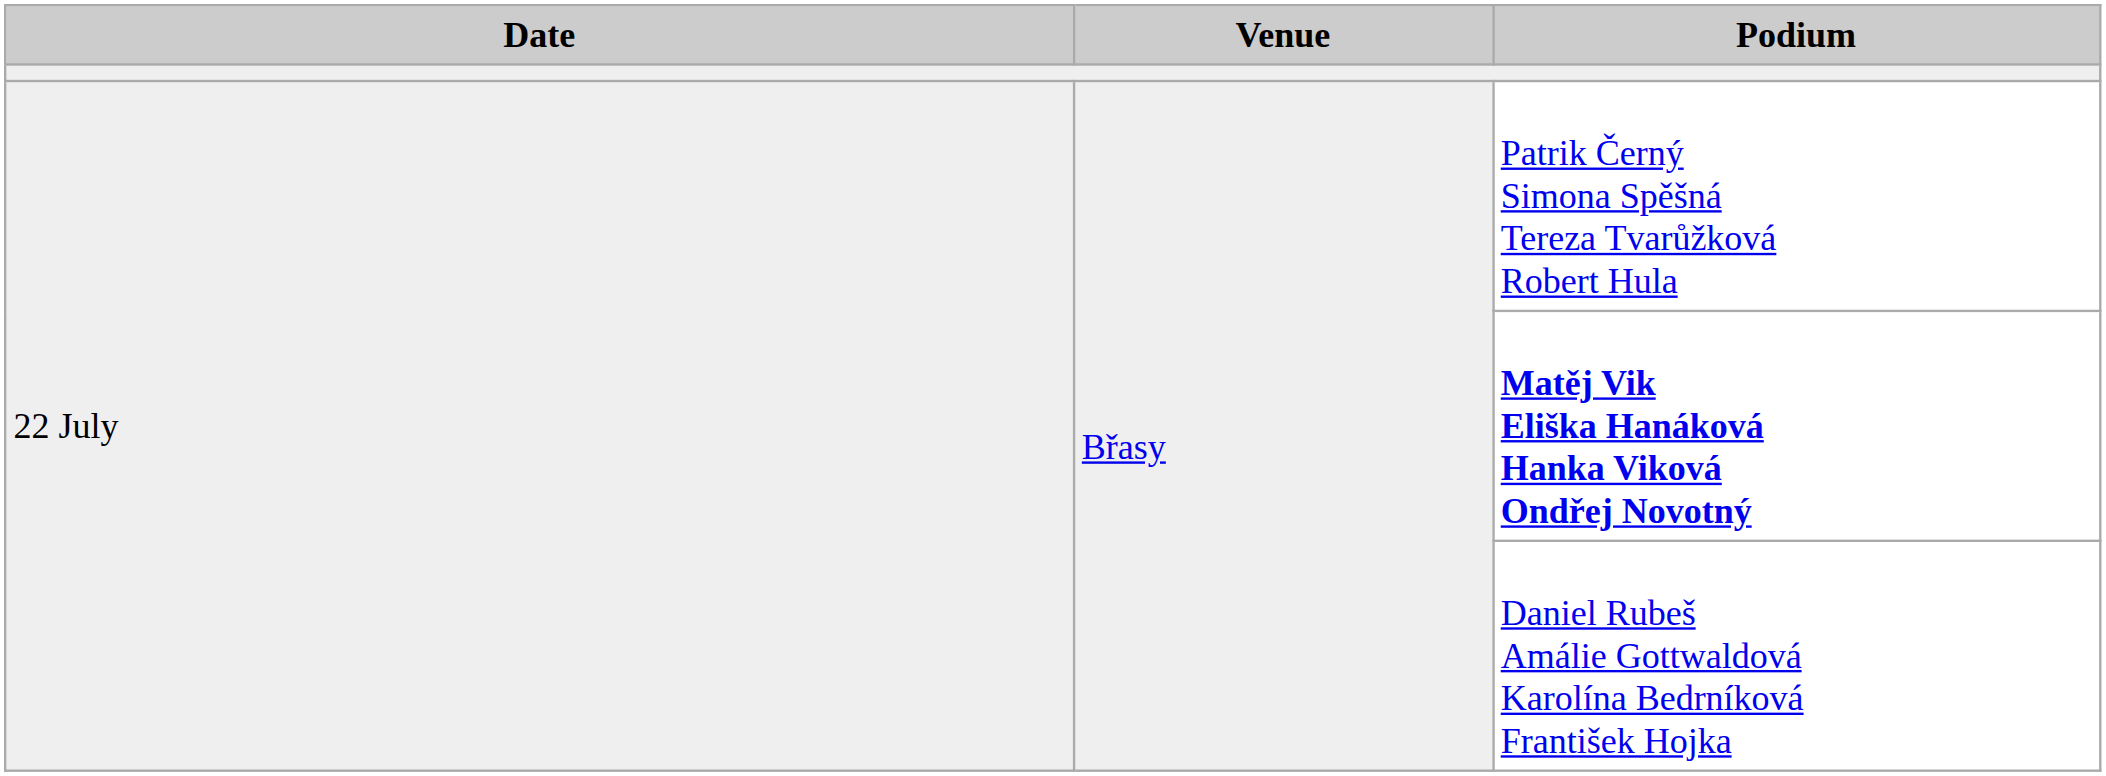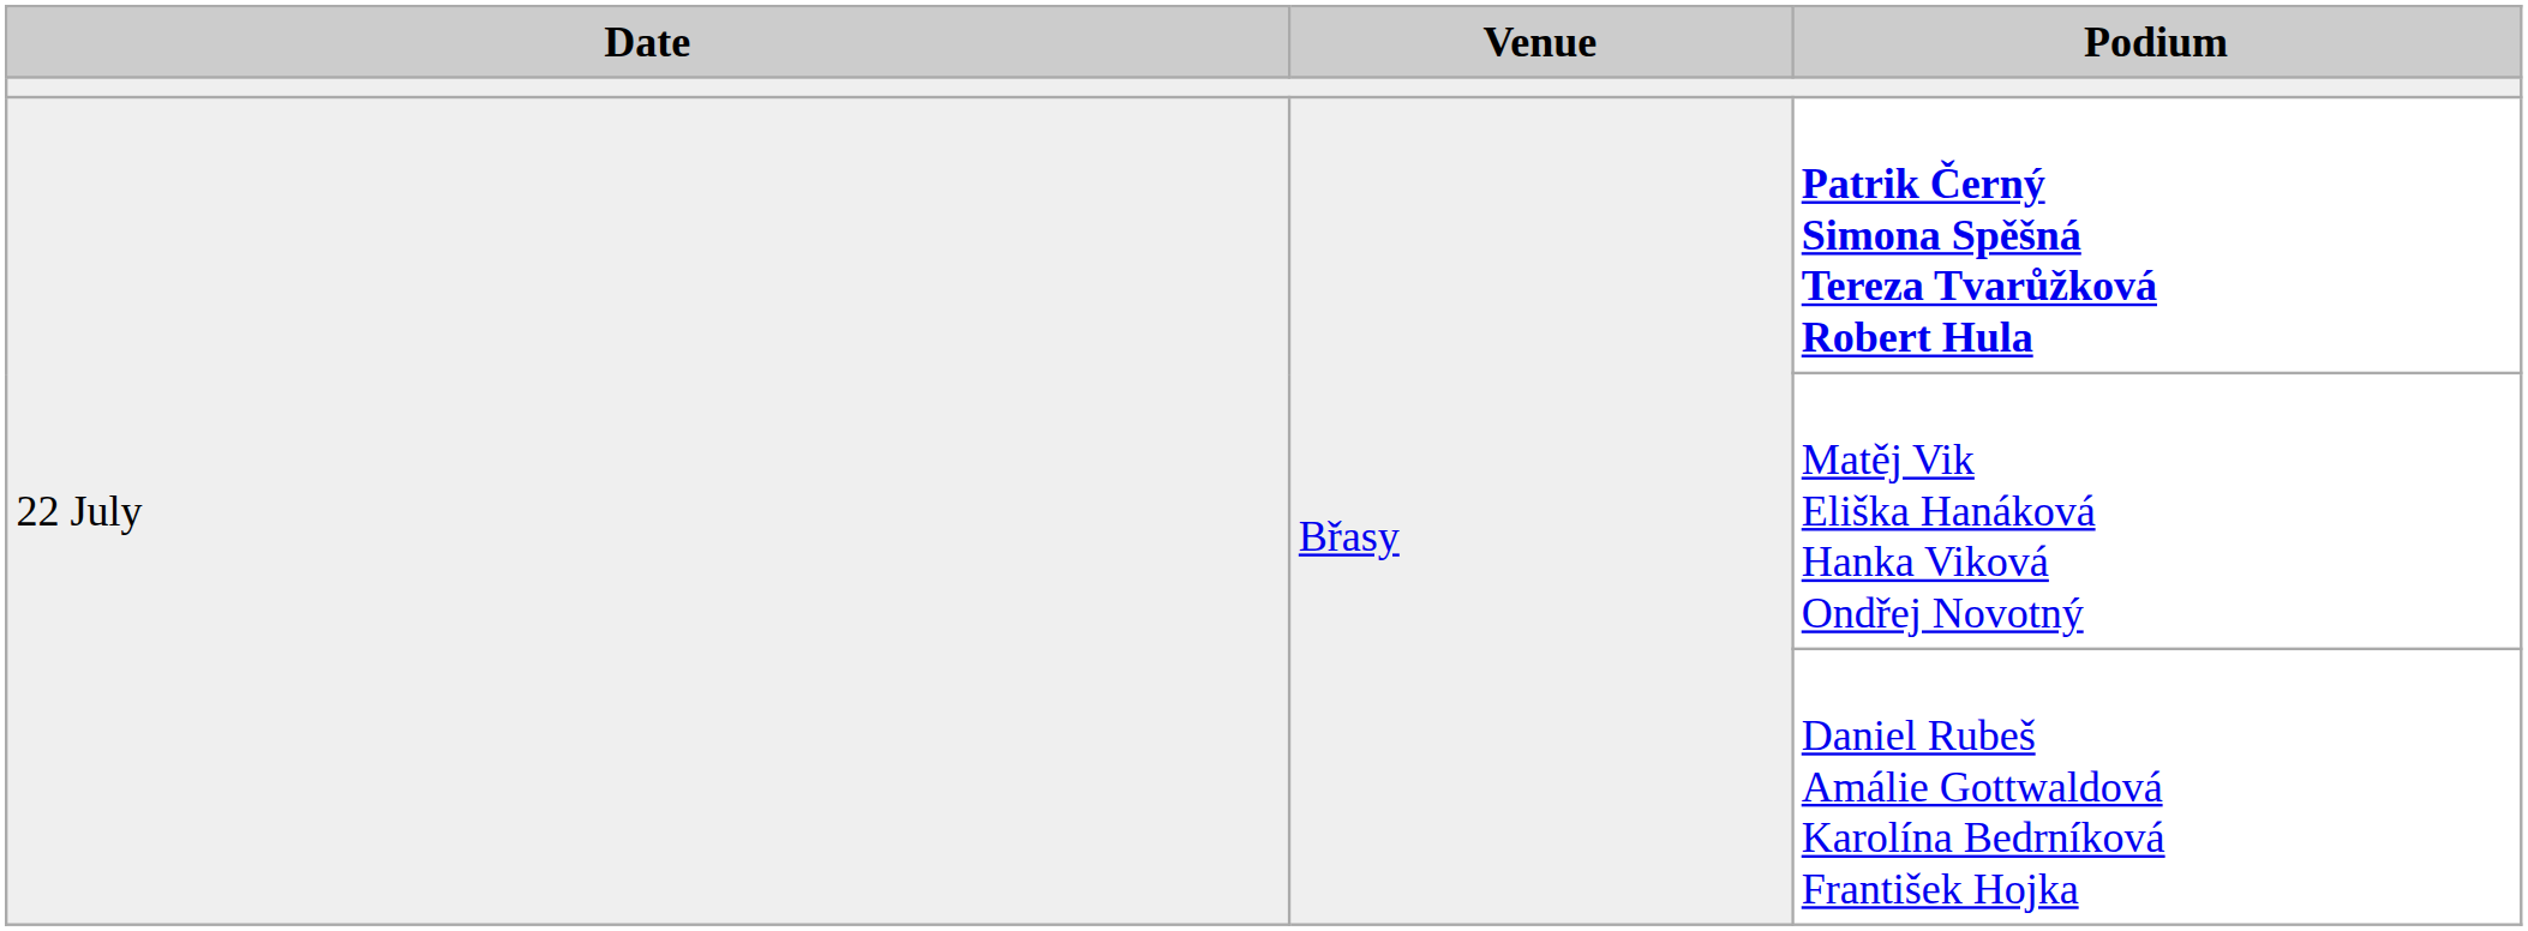 <table class="wikitable" width=70% bgcolor="#f7f8ff" cellpadding="3" cellspacing="0" border="1" style="font-size: 95%; border: gray solid 1px; border-collapse: collapse;">
 <tr bgcolor="#CCCCCC">
 <td align="center"><strong>Date</strong></td>
 <td width=20% align="center"><strong>Venue</strong></td>
 <td width=29% align="center"><strong>Podium</strong></td>
 </tr>
 <tr bgcolor="#EFEFEF">
 <td colspan=4></td>
 </tr>
 <tr bgcolor="#EFEFEF">
 <td rowspan=3>22 July</td>
 <td rowspan=3><br><a href='#'>Břasy</a></td>
-<td bgcolor="#ffffff">   <br><a href='#'>Patrik Černý</a><br><a href='#'>Simona Spěšná</a><br><a href='#'>Tereza Tvarůžková</a><br><a href='#'>Robert Hula</a></td>
+<td bgcolor="#ffffff"><strong>   <br><a href='#'>Patrik Černý</a><br><a href='#'>Simona Spěšná</a><br><a href='#'>Tereza Tvarůžková</a><br><a href='#'>Robert Hula</a></strong></td>
 </tr>
 <tr>
-<td bgcolor="#ffffff"><strong>   <br><a href='#'>Matěj Vik</a><br><a href='#'>Eliška Hanáková</a><br><a href='#'>Hanka Viková</a><br><a href='#'>Ondřej Novotný</a></strong></td>
+<td bgcolor="#ffffff">   <br><a href='#'>Matěj Vik</a><br><a href='#'>Eliška Hanáková</a><br><a href='#'>Hanka Viková</a><br><a href='#'>Ondřej Novotný</a></td>
 </tr>
 <tr>
 <td bgcolor="#ffffff">   <br><a href='#'>Daniel Rubeš</a><br><a href='#'>Amálie Gottwaldová</a><br><a href='#'>Karolína Bedrníková</a><br><a href='#'>František Hojka</a></td>
 </tr>
 </table>
